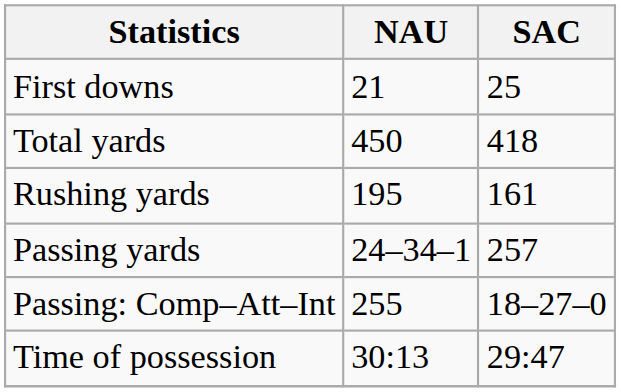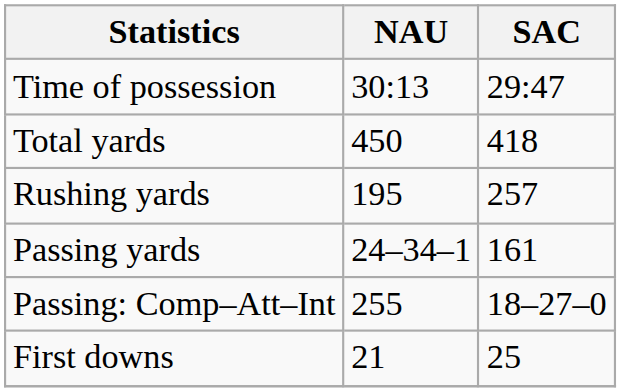 <table class="wikitable" style="float: left;">
 <tr>
 <th>Statistics</th>
 <th>NAU</th>
 <th>SAC</th>
 </tr>
 <tr>
-<td>First downs</td>
-<td>21</td>
-<td>25</td>
+<td>Time of possession</td>
+<td>30:13</td>
+<td>29:47</td>
 </tr>
 <tr>
 <td>Total yards</td>
 <td>450</td>
 <td>418</td>
 </tr>
 <tr>
 <td>Rushing yards</td>
 <td>195</td>
-<td>161</td>
+<td>257</td>
 </tr>
 <tr>
 <td>Passing yards</td>
 <td>24–34–1</td>
-<td>257</td>
+<td>161</td>
 </tr>
 <tr>
 <td>Passing: Comp–Att–Int</td>
 <td>255</td>
 <td>18–27–0</td>
 </tr>
 <tr>
-<td>Time of possession</td>
-<td>30:13</td>
-<td>29:47</td>
+<td>First downs</td>
+<td>21</td>
+<td>25</td>
 </tr>
 <tr>
 </tr>
 </table>
